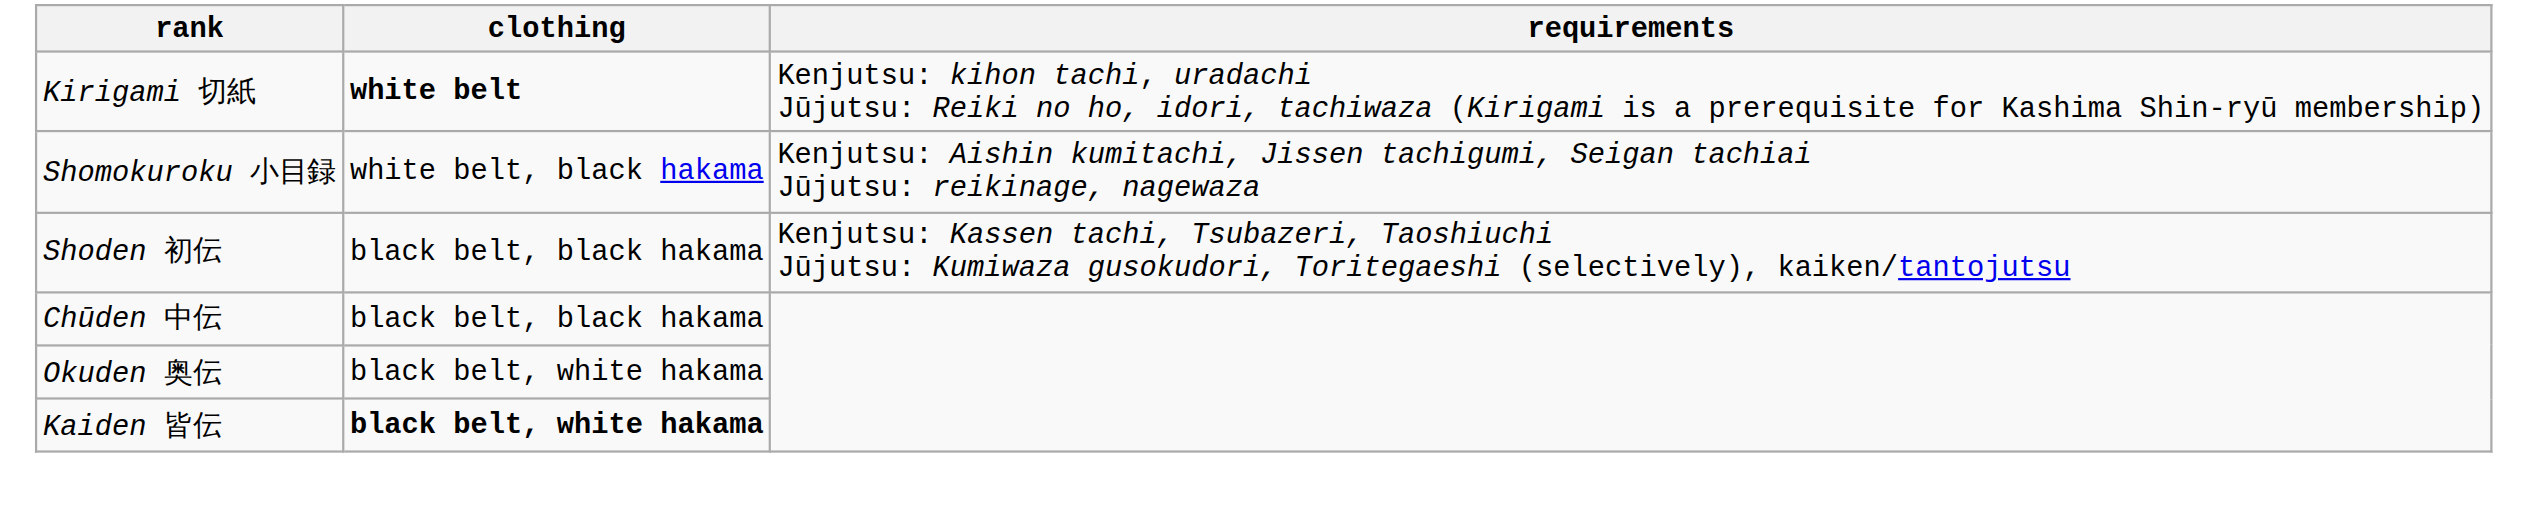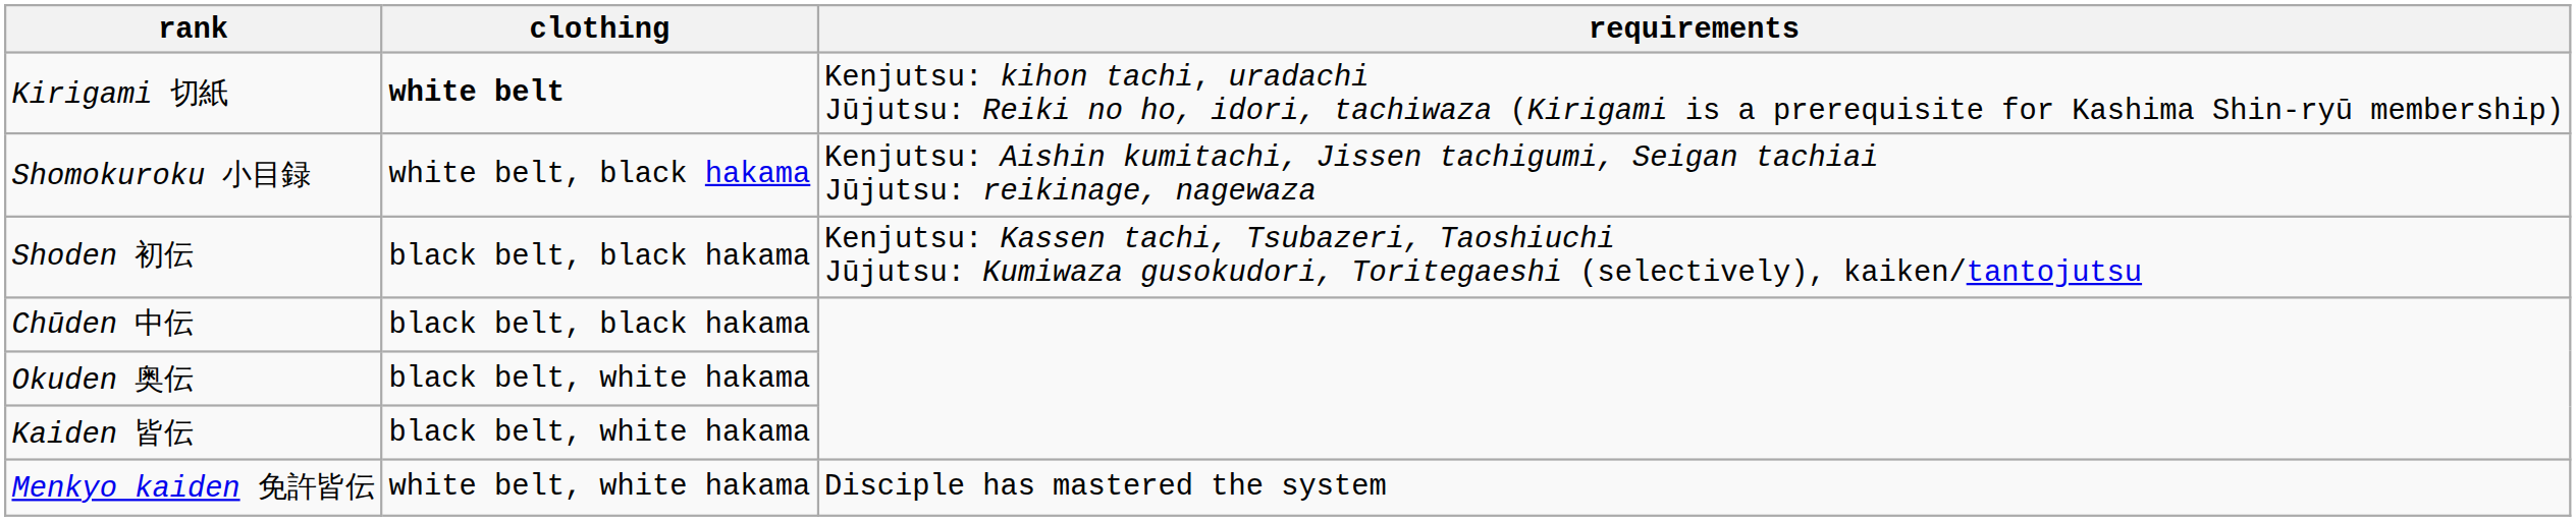 <table class="wikitable" style="margin:1em auto;">
 <tr>
 <th>rank</th>
 <th>clothing</th>
 <th>requirements</th>
 </tr>
 <tr>
 <td><em>Kirigami</em> 切紙</td>
 <td><strong>white belt</strong></td>
 <td>Kenjutsu: <em>kihon tachi</em>, <em>uradachi</em><br>Jūjutsu: <em>Reiki no ho, idori, tachiwaza</em> (<em>Kirigami</em> is a prerequisite for Kashima Shin-ryū membership)</td>
 </tr>
 <tr>
 <td><em>Shomokuroku</em> 小目録</td>
 <td>white belt, black <a href='#'>hakama</a></td>
 <td>Kenjutsu: <em>Aishin kumitachi, Jissen tachigumi, Seigan tachiai</em><br>Jūjutsu: <em>reikinage, nagewaza</em></td>
 </tr>
 <tr>
 <td><em>Shoden</em> 初伝</td>
 <td>black belt, black hakama</td>
 <td>Kenjutsu: <em>Kassen tachi, Tsubazeri, Taoshiuchi</em><br>Jūjutsu: <em>Kumiwaza gusokudori, Toritegaeshi</em> (selectively), kaiken/<a href='#'>tantojutsu</a></td>
 </tr>
 <tr>
 <td><em>Chūden</em> 中伝</td>
 <td>black belt, black hakama</td>
 </tr>
 <tr>
 <td><em>Okuden</em> 奥伝</td>
 <td>black belt, white hakama</td>
 </tr>
 <tr>
 <td><em>Kaiden</em> 皆伝</td>
-<td><strong>black belt, white hakama</strong></td>
+<td>black belt, white hakama</td>
+</tr>
+<tr>
+<td><em><a href='#'>Menkyo kaiden</a></em> 免許皆伝</td>
+<td>white belt, white hakama</td>
+<td>Disciple has mastered the system</td>
 </tr>
 </table>
